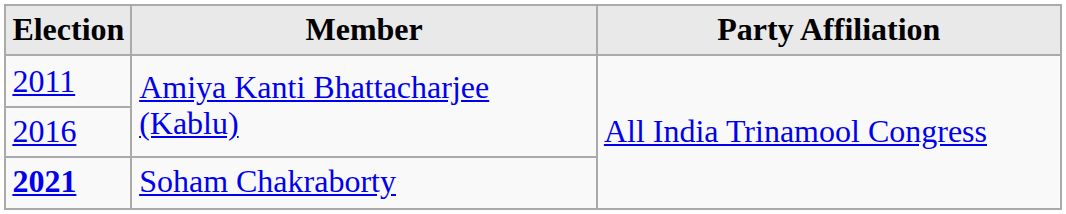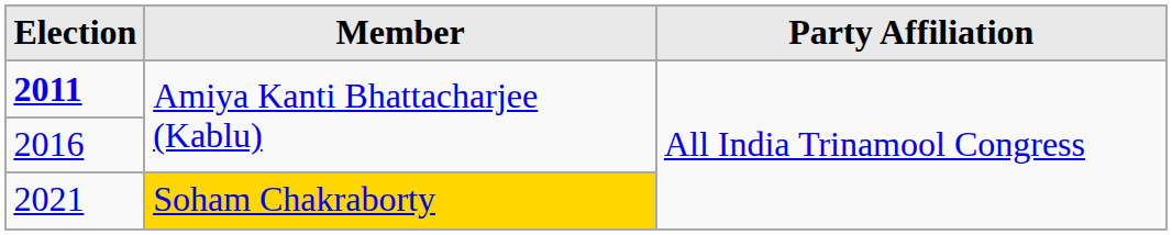 <table class="wikitable sortable"ìÍĦĤĠč>
 <tr>
 <th style="background-color:#E9E9E9;text-align:centre;">Election</th>
 <th style="background-color:#E9E9E9;text-align:centre;" width="225">Member</th>
 <th style="background-color:#E9E9E9;text-align:centre;" width=225>Party Affiliation</th>
 </tr>
 <tr>
-<td><a href='#'>2011</a></td>
+<td><strong><a href='#'>2011</a></strong></td>
 <td rowspan="2"><a href='#'>Amiya Kanti Bhattacharjee (Kablu)</a></td>
 <td rowspan="3"><a href='#'>All India Trinamool Congress</a></td>
 </tr>
 <tr>
 <td><a href='#'>2016</a></td>
 </tr>
 <tr>
-<td><strong><a href='#'>2021</a></strong></td>
-<td><a href='#'>Soham Chakraborty</a></td>
+<td><a href='#'>2021</a></td>
+<td style="background: gold;"><a href='#'>Soham Chakraborty</a></td>
 </tr>
 <tr>
 </tr>
 </table>
